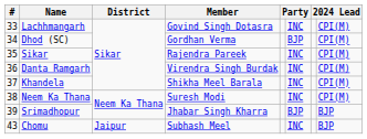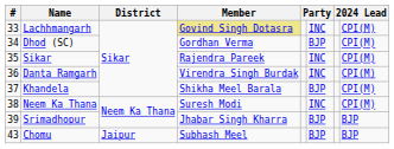 <table class="wikitable">
 <tr>
 <th>#</th>
 <th>Name</th>
 <th>District</th>
 <th>Member</th>
 <th colspan="2">Party</th>
 <th colspan="2">2024 Lead</th>
 </tr>
 <tr>
 <td>33</td>
 <td><a href='#'>Lachhmangarh</a></td>
 <td rowspan="5"><a href='#'>Sikar</a></td>
-<td><a href='#'>Govind Singh Dotasra</a></td>
+<td style="background: khaki;"><a href='#'>Govind Singh Dotasra</a></td>
 <td style="background-color: "></td>
 <td><a href='#'>INC</a></td>
 <td style="background-color: "></td>
 <td><a href='#'>CPI(M)</a></td>
 </tr>
 <tr>
 <td>34</td>
 <td><a href='#'>Dhod</a> (SC)</td>
 <td><a href='#'>Gordhan Verma</a></td>
 <td style="background-color: "></td>
 <td><a href='#'>BJP</a></td>
 <td style="background-color: "></td>
 <td><a href='#'>CPI(M)</a></td>
 </tr>
 <tr>
 <td>35</td>
 <td><a href='#'>Sikar</a></td>
 <td><a href='#'>Rajendra Pareek</a></td>
 <td style="background-color: "></td>
 <td><a href='#'>INC</a></td>
 <td style="background-color: "></td>
 <td><a href='#'>CPI(M)</a></td>
 </tr>
 <tr>
 <td>36</td>
 <td><a href='#'>Danta Ramgarh</a></td>
 <td><a href='#'>Virendra Singh Burdak</a></td>
 <td style="background-color: "></td>
 <td><a href='#'>INC</a></td>
 <td style="background-color: "></td>
 <td><a href='#'>CPI(M)</a></td>
 </tr>
 <tr>
 <td>37</td>
 <td><a href='#'>Khandela</a></td>
 <td><a href='#'>Shikha Meel Barala</a></td>
 <td style="background-color: "></td>
-<td><a href='#'>INC</a></td>
+<td><a href='#'>BJP</a></td>
 <td style="background-color: "></td>
 <td><a href='#'>CPI(M)</a></td>
 </tr>
 <tr>
 <td>38</td>
 <td><a href='#'>Neem Ka Thana</a></td>
 <td rowspan="2"><a href='#'>Neem Ka Thana</a></td>
 <td><a href='#'>Suresh Modi</a></td>
 <td style="background-color: "></td>
 <td><a href='#'>INC</a></td>
 <td style="background-color: "></td>
 <td><a href='#'>CPI(M)</a></td>
 </tr>
 <tr>
 <td>39</td>
 <td><a href='#'>Srimadhopur</a></td>
 <td><a href='#'>Jhabar Singh Kharra</a></td>
 <td style="background-color: "></td>
 <td><a href='#'>BJP</a></td>
 <td style="background-color: "></td>
 <td><a href='#'>BJP</a></td>
 </tr>
 <tr>
 <td>43</td>
 <td><a href='#'>Chomu</a></td>
 <td><a href='#'>Jaipur</a></td>
 <td><a href='#'>Subhash Meel</a></td>
 <td style="background-color: "></td>
-<td><a href='#'>INC</a></td>
+<td><a href='#'>BJP</a></td>
 <td style="background-color: "></td>
 <td><a href='#'>BJP</a></td>
 </tr>
 </table>
